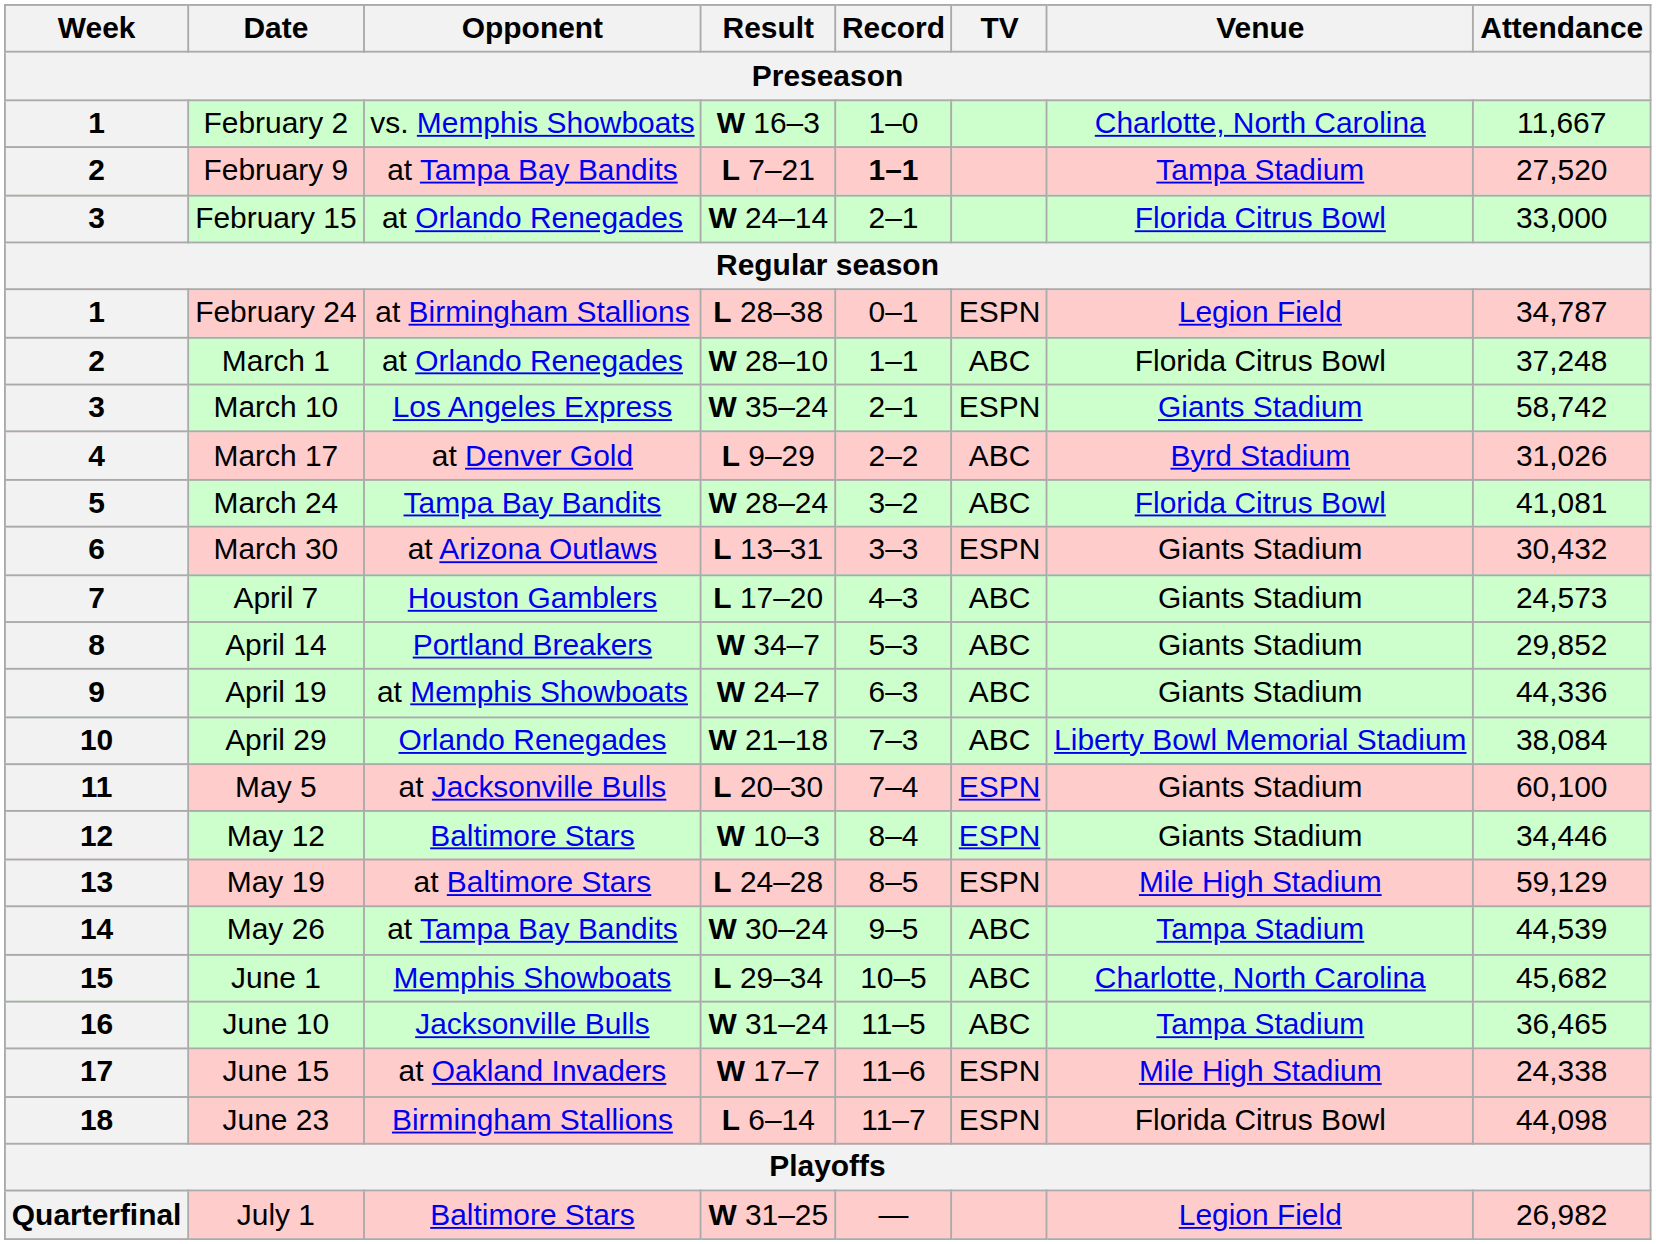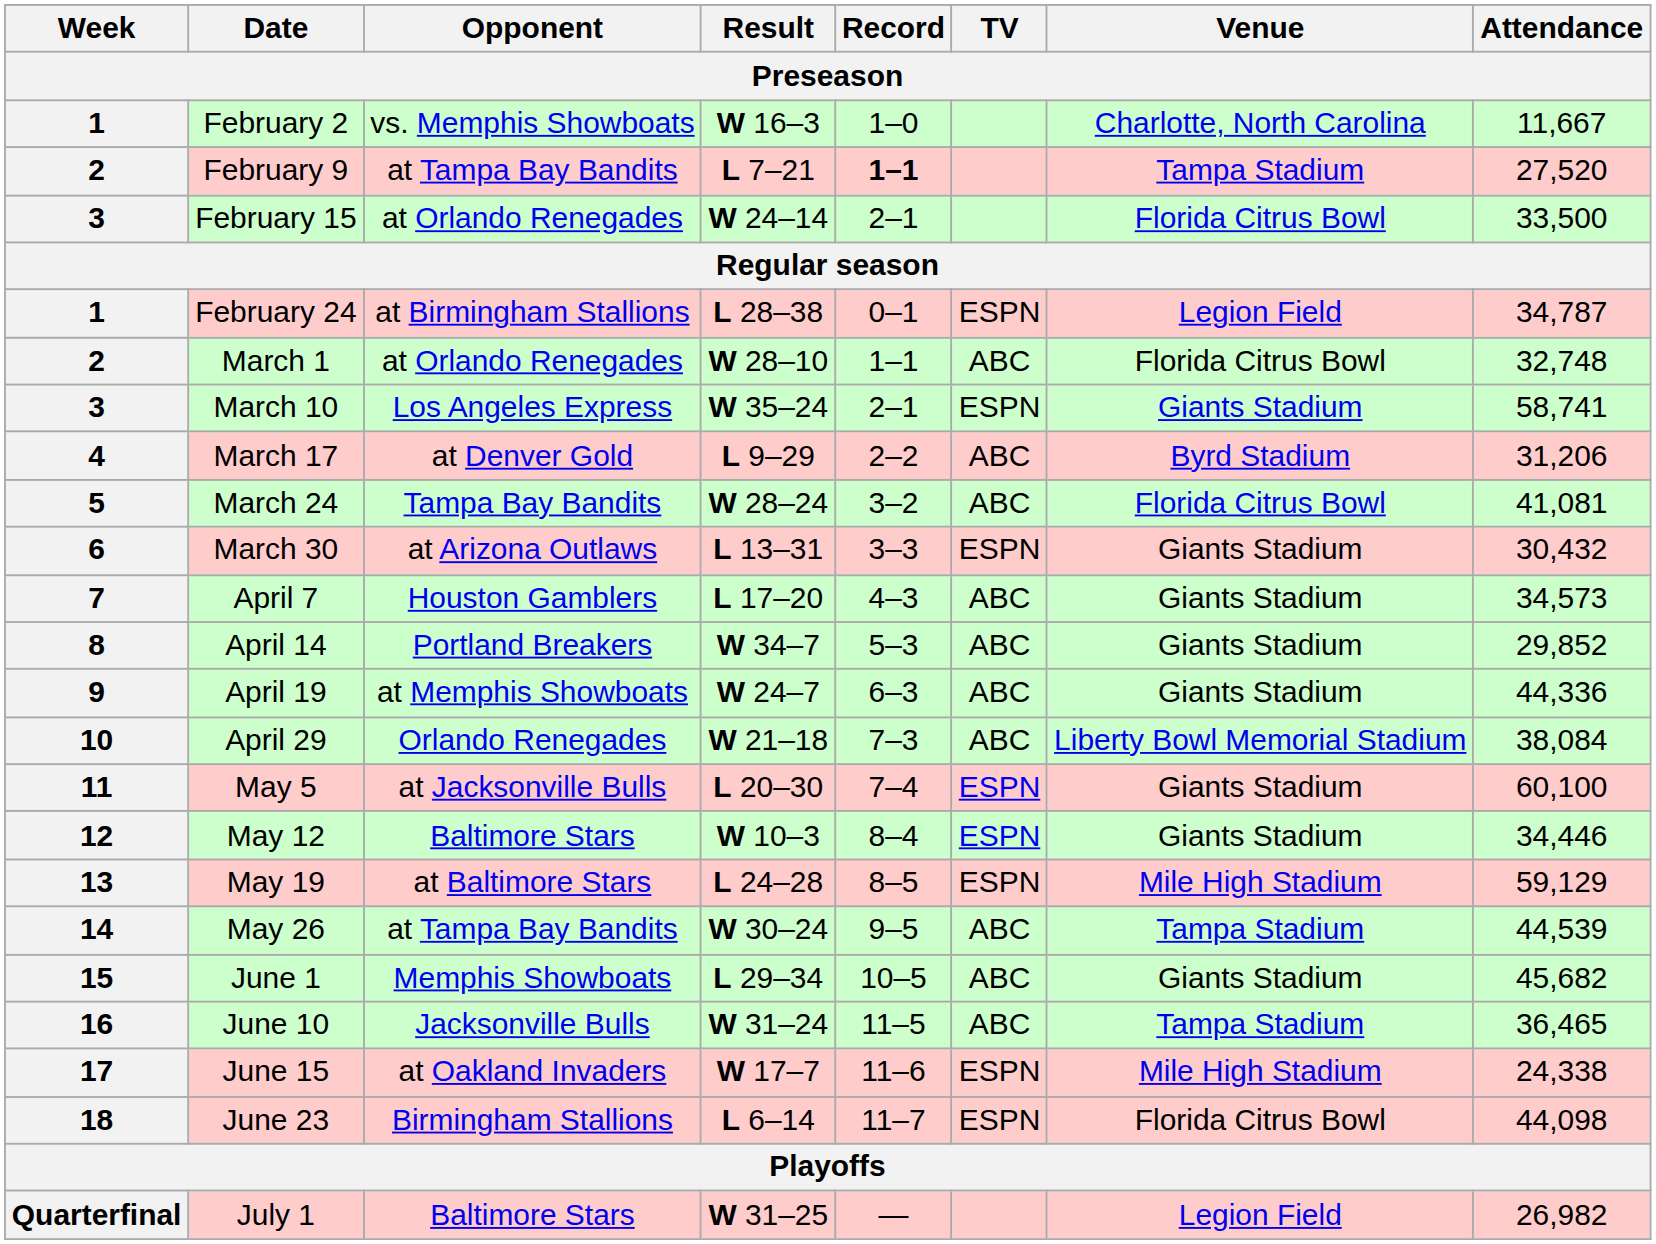 <table class="wikitable" style="text-align:center">
 <tr>
 <th>Week</th>
 <th>Date</th>
 <th>Opponent</th>
 <th>Result</th>
 <th>Record</th>
 <th>TV</th>
 <th>Venue</th>
 <th>Attendance</th>
 </tr>
 <tr>
 <th colspan="9">Preseason</th>
 </tr>
 <tr style="background:#cfc">
 <th>1</th>
 <td>February 2</td>
 <td>vs. <a href='#'>Memphis Showboats</a></td>
 <td><strong>W</strong> 16–3</td>
 <td>1–0</td>
 <td></td>
 <td><a href='#'>Charlotte, North Carolina</a></td>
 <td>11,667</td>
 </tr>
 <tr style="background:#fcc">
 <th>2</th>
 <td>February 9</td>
 <td>at <a href='#'>Tampa Bay Bandits</a></td>
 <td><strong>L</strong> 7–21</td>
 <td><strong>1–1</strong></td>
 <td></td>
 <td><a href='#'>Tampa Stadium</a></td>
 <td>27,520</td>
 </tr>
 <tr style="background:#cfc">
 <th>3</th>
 <td>February 15</td>
 <td>at <a href='#'>Orlando Renegades</a></td>
 <td><strong>W</strong> 24–14</td>
 <td>2–1</td>
 <td></td>
 <td><a href='#'>Florida Citrus Bowl</a></td>
-<td>33,000</td>
+<td>33,500</td>
 </tr>
 <tr>
 <th colspan="9">Regular season</th>
 </tr>
 <tr style="background:#fcc">
 <th>1</th>
 <td>February 24</td>
 <td>at <a href='#'>Birmingham Stallions</a></td>
 <td><strong>L</strong> 28–38</td>
 <td>0–1</td>
 <td>ESPN</td>
 <td><a href='#'>Legion Field</a></td>
 <td>34,787</td>
 </tr>
 <tr style="background:#cfc">
 <th>2</th>
 <td>March 1</td>
 <td>at <a href='#'>Orlando Renegades</a></td>
 <td><strong>W</strong> 28–10</td>
 <td>1–1</td>
 <td>ABC</td>
 <td>Florida Citrus Bowl</td>
-<td>37,248</td>
+<td>32,748</td>
 </tr>
 <tr style="background:#cfc">
 <th>3</th>
 <td>March 10</td>
 <td><a href='#'>Los Angeles Express</a></td>
 <td><strong>W</strong> 35–24</td>
 <td>2–1</td>
 <td>ESPN</td>
 <td><a href='#'>Giants Stadium</a></td>
-<td>58,742</td>
+<td>58,741</td>
 </tr>
 <tr style="background:#fcc">
 <th>4</th>
 <td>March 17</td>
 <td>at <a href='#'>Denver Gold</a></td>
 <td><strong>L</strong> 9–29</td>
 <td>2–2</td>
 <td>ABC</td>
 <td><a href='#'>Byrd Stadium</a></td>
-<td>31,026</td>
+<td>31,206</td>
 </tr>
 <tr style="background:#cfc">
 <th>5</th>
 <td>March 24</td>
 <td><a href='#'>Tampa Bay Bandits</a></td>
 <td><strong>W</strong> 28–24</td>
 <td>3–2</td>
 <td>ABC</td>
 <td><a href='#'>Florida Citrus Bowl</a></td>
 <td>41,081</td>
 </tr>
 <tr style="background:#fcc">
 <th>6</th>
 <td>March 30</td>
 <td>at <a href='#'>Arizona Outlaws</a></td>
 <td><strong>L</strong> 13–31</td>
 <td>3–3</td>
 <td>ESPN</td>
 <td>Giants Stadium</td>
 <td>30,432</td>
 </tr>
 <tr style="background:#cfc">
 <th>7</th>
 <td>April 7</td>
 <td><a href='#'>Houston Gamblers</a></td>
 <td><strong>L</strong> 17–20</td>
 <td>4–3</td>
 <td>ABC</td>
 <td>Giants Stadium</td>
-<td>24,573</td>
+<td>34,573</td>
 </tr>
 <tr style="background:#cfc">
 <th>8</th>
 <td>April 14</td>
 <td><a href='#'>Portland Breakers</a></td>
 <td><strong>W</strong> 34–7</td>
 <td>5–3</td>
 <td>ABC</td>
 <td>Giants Stadium</td>
 <td>29,852</td>
 </tr>
 <tr style="background:#cfc">
 <th>9</th>
 <td>April 19</td>
 <td>at <a href='#'>Memphis Showboats</a></td>
 <td><strong>W</strong> 24–7</td>
 <td>6–3</td>
 <td>ABC</td>
 <td>Giants Stadium</td>
 <td>44,336</td>
 </tr>
 <tr style="background:#cfc">
 <th>10</th>
 <td>April 29</td>
 <td><a href='#'>Orlando Renegades</a></td>
 <td><strong>W</strong> 21–18</td>
 <td>7–3</td>
 <td>ABC</td>
 <td><a href='#'>Liberty Bowl Memorial Stadium</a></td>
 <td>38,084</td>
 </tr>
 <tr style="background:#fcc">
 <th>11</th>
 <td>May 5</td>
 <td>at <a href='#'>Jacksonville Bulls</a></td>
 <td><strong>L</strong> 20–30</td>
 <td>7–4</td>
 <td><a href='#'>ESPN</a></td>
 <td>Giants Stadium</td>
 <td>60,100</td>
 </tr>
 <tr style="background:#cfc">
 <th>12</th>
 <td>May 12</td>
 <td><a href='#'>Baltimore Stars</a></td>
 <td><strong>W</strong> 10–3</td>
 <td>8–4</td>
 <td><a href='#'>ESPN</a></td>
 <td>Giants Stadium</td>
 <td>34,446</td>
 </tr>
 <tr style="background:#fcc">
 <th>13</th>
 <td>May 19</td>
 <td>at <a href='#'>Baltimore Stars</a></td>
 <td><strong>L</strong> 24–28</td>
 <td>8–5</td>
 <td>ESPN</td>
 <td><a href='#'>Mile High Stadium</a></td>
 <td>59,129</td>
 </tr>
 <tr style="background:#cfc">
 <th>14</th>
 <td>May 26</td>
 <td>at <a href='#'>Tampa Bay Bandits</a></td>
 <td><strong>W</strong> 30–24 </td>
 <td>9–5</td>
 <td>ABC</td>
 <td><a href='#'>Tampa Stadium</a></td>
 <td>44,539</td>
 </tr>
 <tr style="background:#cfc">
 <th>15</th>
 <td>June 1</td>
 <td><a href='#'>Memphis Showboats</a></td>
 <td><strong>L</strong> 29–34</td>
 <td>10–5</td>
 <td>ABC</td>
-<td><a href='#'>Charlotte, North Carolina</a></td>
+<td>Giants Stadium</td>
 <td>45,682</td>
 </tr>
 <tr style="background:#cfc">
 <th>16</th>
 <td>June 10</td>
 <td><a href='#'>Jacksonville Bulls</a></td>
 <td><strong>W</strong> 31–24</td>
 <td>11–5</td>
 <td>ABC</td>
 <td><a href='#'>Tampa Stadium</a></td>
 <td>36,465</td>
 </tr>
 <tr style="background:#fcc">
 <th>17</th>
 <td>June 15</td>
 <td>at <a href='#'>Oakland Invaders</a></td>
 <td><strong>W</strong> 17–7</td>
 <td>11–6</td>
 <td>ESPN</td>
 <td><a href='#'>Mile High Stadium</a></td>
 <td>24,338</td>
 </tr>
 <tr style="background:#fcc">
 <th>18</th>
 <td>June 23</td>
 <td><a href='#'>Birmingham Stallions</a></td>
 <td><strong>L</strong> 6–14</td>
 <td>11–7</td>
 <td>ESPN</td>
 <td>Florida Citrus Bowl</td>
 <td>44,098</td>
 </tr>
 <tr>
 <th colspan="9">Playoffs</th>
 </tr>
 <tr style="background:#fcc">
 <th>Quarterfinal</th>
 <td>July 1</td>
 <td><a href='#'>Baltimore Stars</a></td>
 <td><strong>W</strong> 31–25</td>
 <td>—</td>
 <td></td>
 <td><a href='#'>Legion Field</a></td>
 <td>26,982</td>
 </tr>
 </table>
